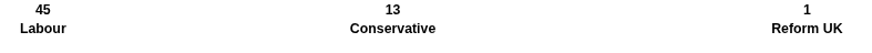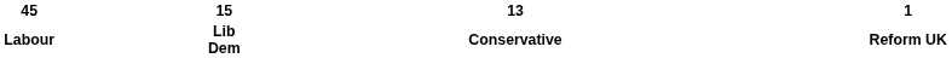 <table style="width:100%; text-align:center;">
 <tr>
 <td style="background:"><strong>45</strong></td>
+<td style="background:"><strong>15</strong></td>
 <td style="background:"><strong>13</strong></td>
 <td style="background:"><strong>1</strong></td>
 </tr>
 <tr>
 <td><span><strong>Labour</strong></span></td>
+<td><span><strong>Lib<br>Dem</strong></span></td>
 <td><span><strong>Conservative</strong></span></td>
 <td><span><strong>Reform UK</strong></span></td>
 </tr>
 </table>
